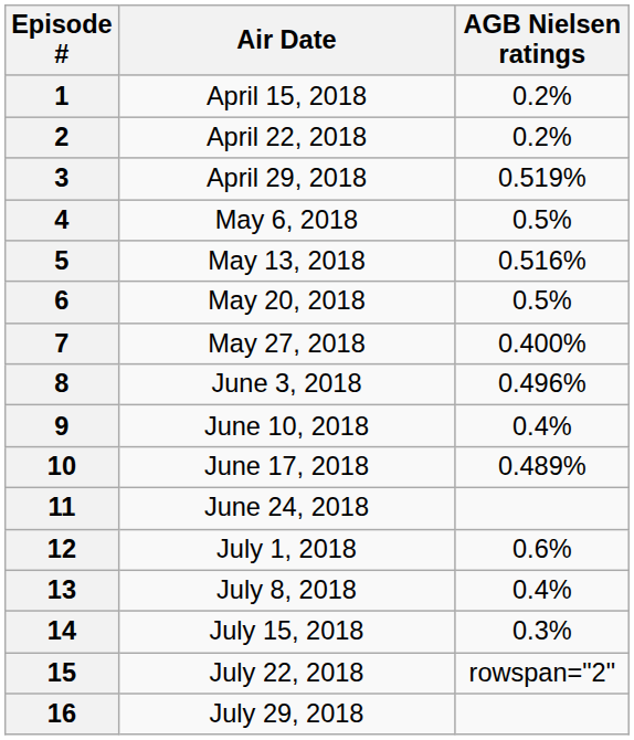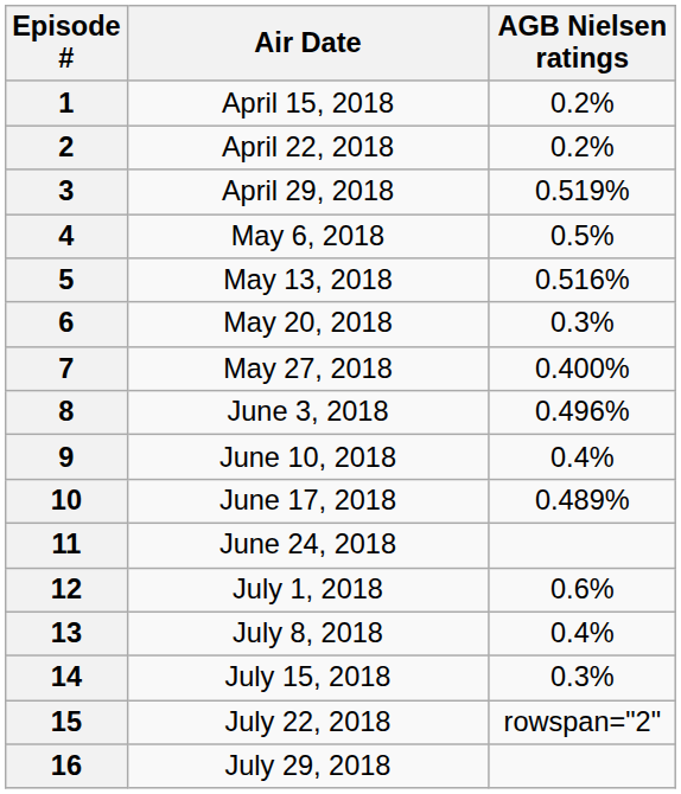 <table class="wikitable" style="text-align:center">
 <tr>
 <th width="50">Episode #</th>
 <th width="200">Air Date</th>
 <th width="100">AGB Nielsen ratings</th>
 </tr>
 <tr>
 <th>1</th>
 <td>April 15, 2018</td>
 <td>0.2%</td>
 </tr>
 <tr>
 <th>2</th>
 <td>April 22, 2018</td>
 <td>0.2%</td>
 </tr>
 <tr>
 <th>3</th>
 <td>April 29, 2018</td>
 <td>0.519%</td>
 </tr>
 <tr>
 <th>4</th>
 <td>May 6, 2018</td>
 <td>0.5%</td>
 </tr>
 <tr>
 <th>5</th>
 <td>May 13, 2018</td>
 <td>0.516%</td>
 </tr>
 <tr>
 <th>6</th>
 <td>May 20, 2018</td>
-<td>0.5%</td>
+<td>0.3%</td>
 </tr>
 <tr>
 <th>7</th>
 <td>May 27, 2018</td>
 <td>0.400%</td>
 </tr>
 <tr>
 <th>8</th>
 <td>June 3, 2018</td>
 <td>0.496%</td>
 </tr>
 <tr>
 <th>9</th>
 <td>June 10, 2018</td>
 <td>0.4%</td>
 </tr>
 <tr>
 <th>10</th>
 <td>June 17, 2018</td>
 <td>0.489%</td>
 </tr>
 <tr>
 <th>11</th>
 <td>June 24, 2018</td>
 <td></td>
 </tr>
 <tr>
 <th>12</th>
 <td>July 1, 2018</td>
 <td>0.6%</td>
 </tr>
 <tr>
 <th>13</th>
 <td>July 8, 2018</td>
 <td>0.4%</td>
 </tr>
 <tr>
 <th>14</th>
 <td>July 15, 2018</td>
 <td>0.3%</td>
 </tr>
 <tr>
 <th>15</th>
 <td>July 22, 2018</td>
 <td>rowspan="2" </td>
 </tr>
 <tr>
 <th>16</th>
 <td>July 29, 2018</td>
 </tr>
 </table>
